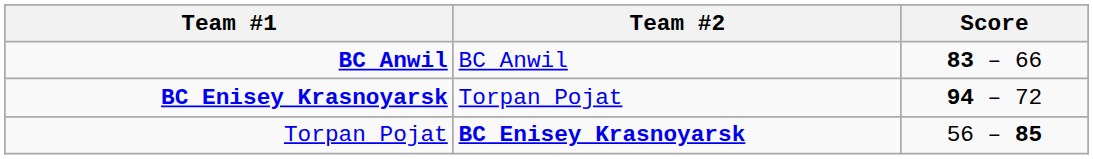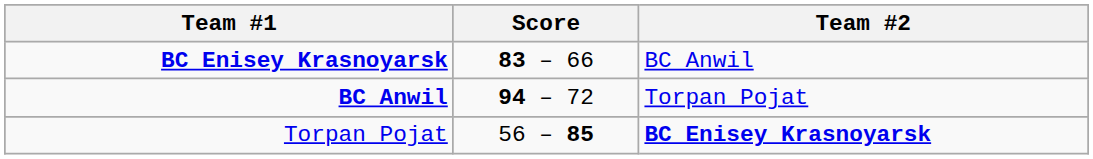 <table class=wikitable style="text-align:center">
 <tr>
 <th width=250>Team #1</th>
+<th width=100>Score</th>
 <th width=250>Team #2</th>
-<th width=100>Score</th>
+</tr>
+<tr>
+<td align=right><strong><a href='#'>BC Enisey Krasnoyarsk</a></strong> </td>
+<td><strong>83</strong> – 66</td>
+<td align=left> <a href='#'>BC Anwil</a></td>
 </tr>
 <tr>
 <td align=right><strong><a href='#'>BC Anwil</a></strong> </td>
-<td align=left> <a href='#'>BC Anwil</a></td>
-<td><strong>83</strong> – 66</td>
-</tr>
-<tr>
-<td align=right><strong><a href='#'>BC Enisey Krasnoyarsk</a></strong> </td>
+<td><strong>94</strong> – 72</td>
 <td align=left> <a href='#'>Torpan Pojat</a></td>
-<td><strong>94</strong> – 72</td>
 </tr>
 <tr>
 <td align=right><a href='#'>Torpan Pojat</a> </td>
+<td>56 – <strong>85</strong></td>
 <td align=left> <strong><a href='#'>BC Enisey Krasnoyarsk</a></strong></td>
-<td>56 – <strong>85</strong></td>
 </tr>
 </table>
